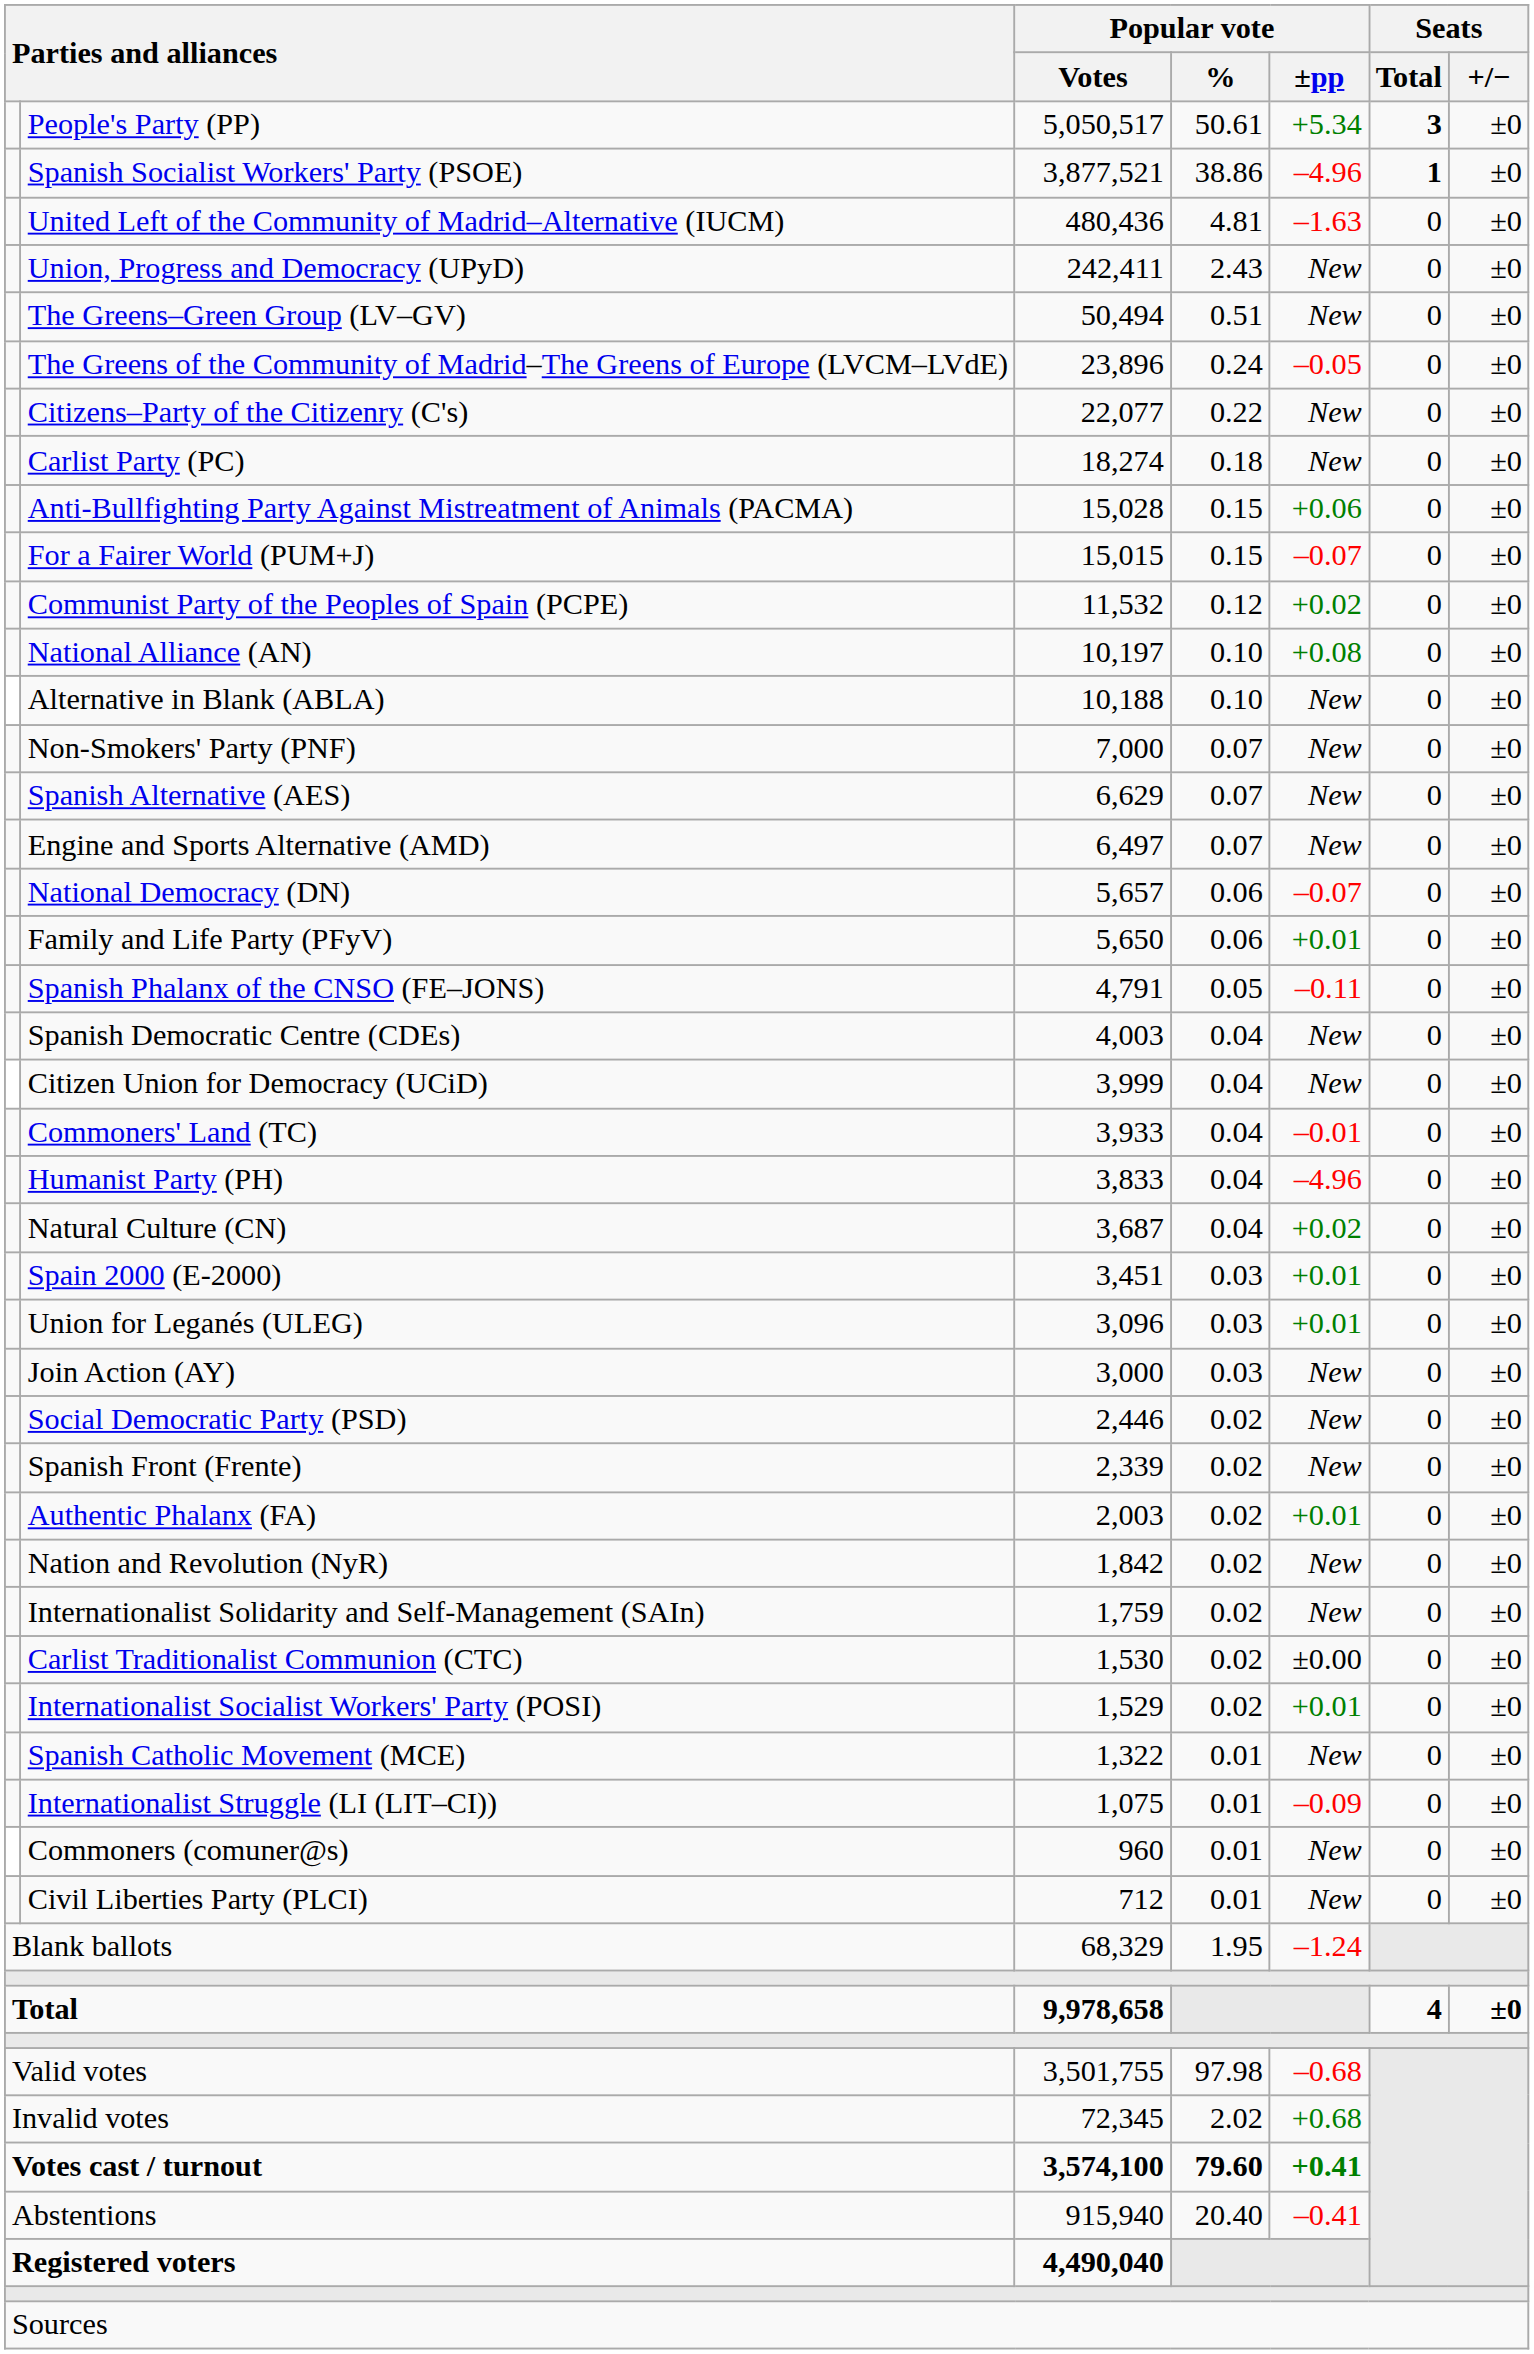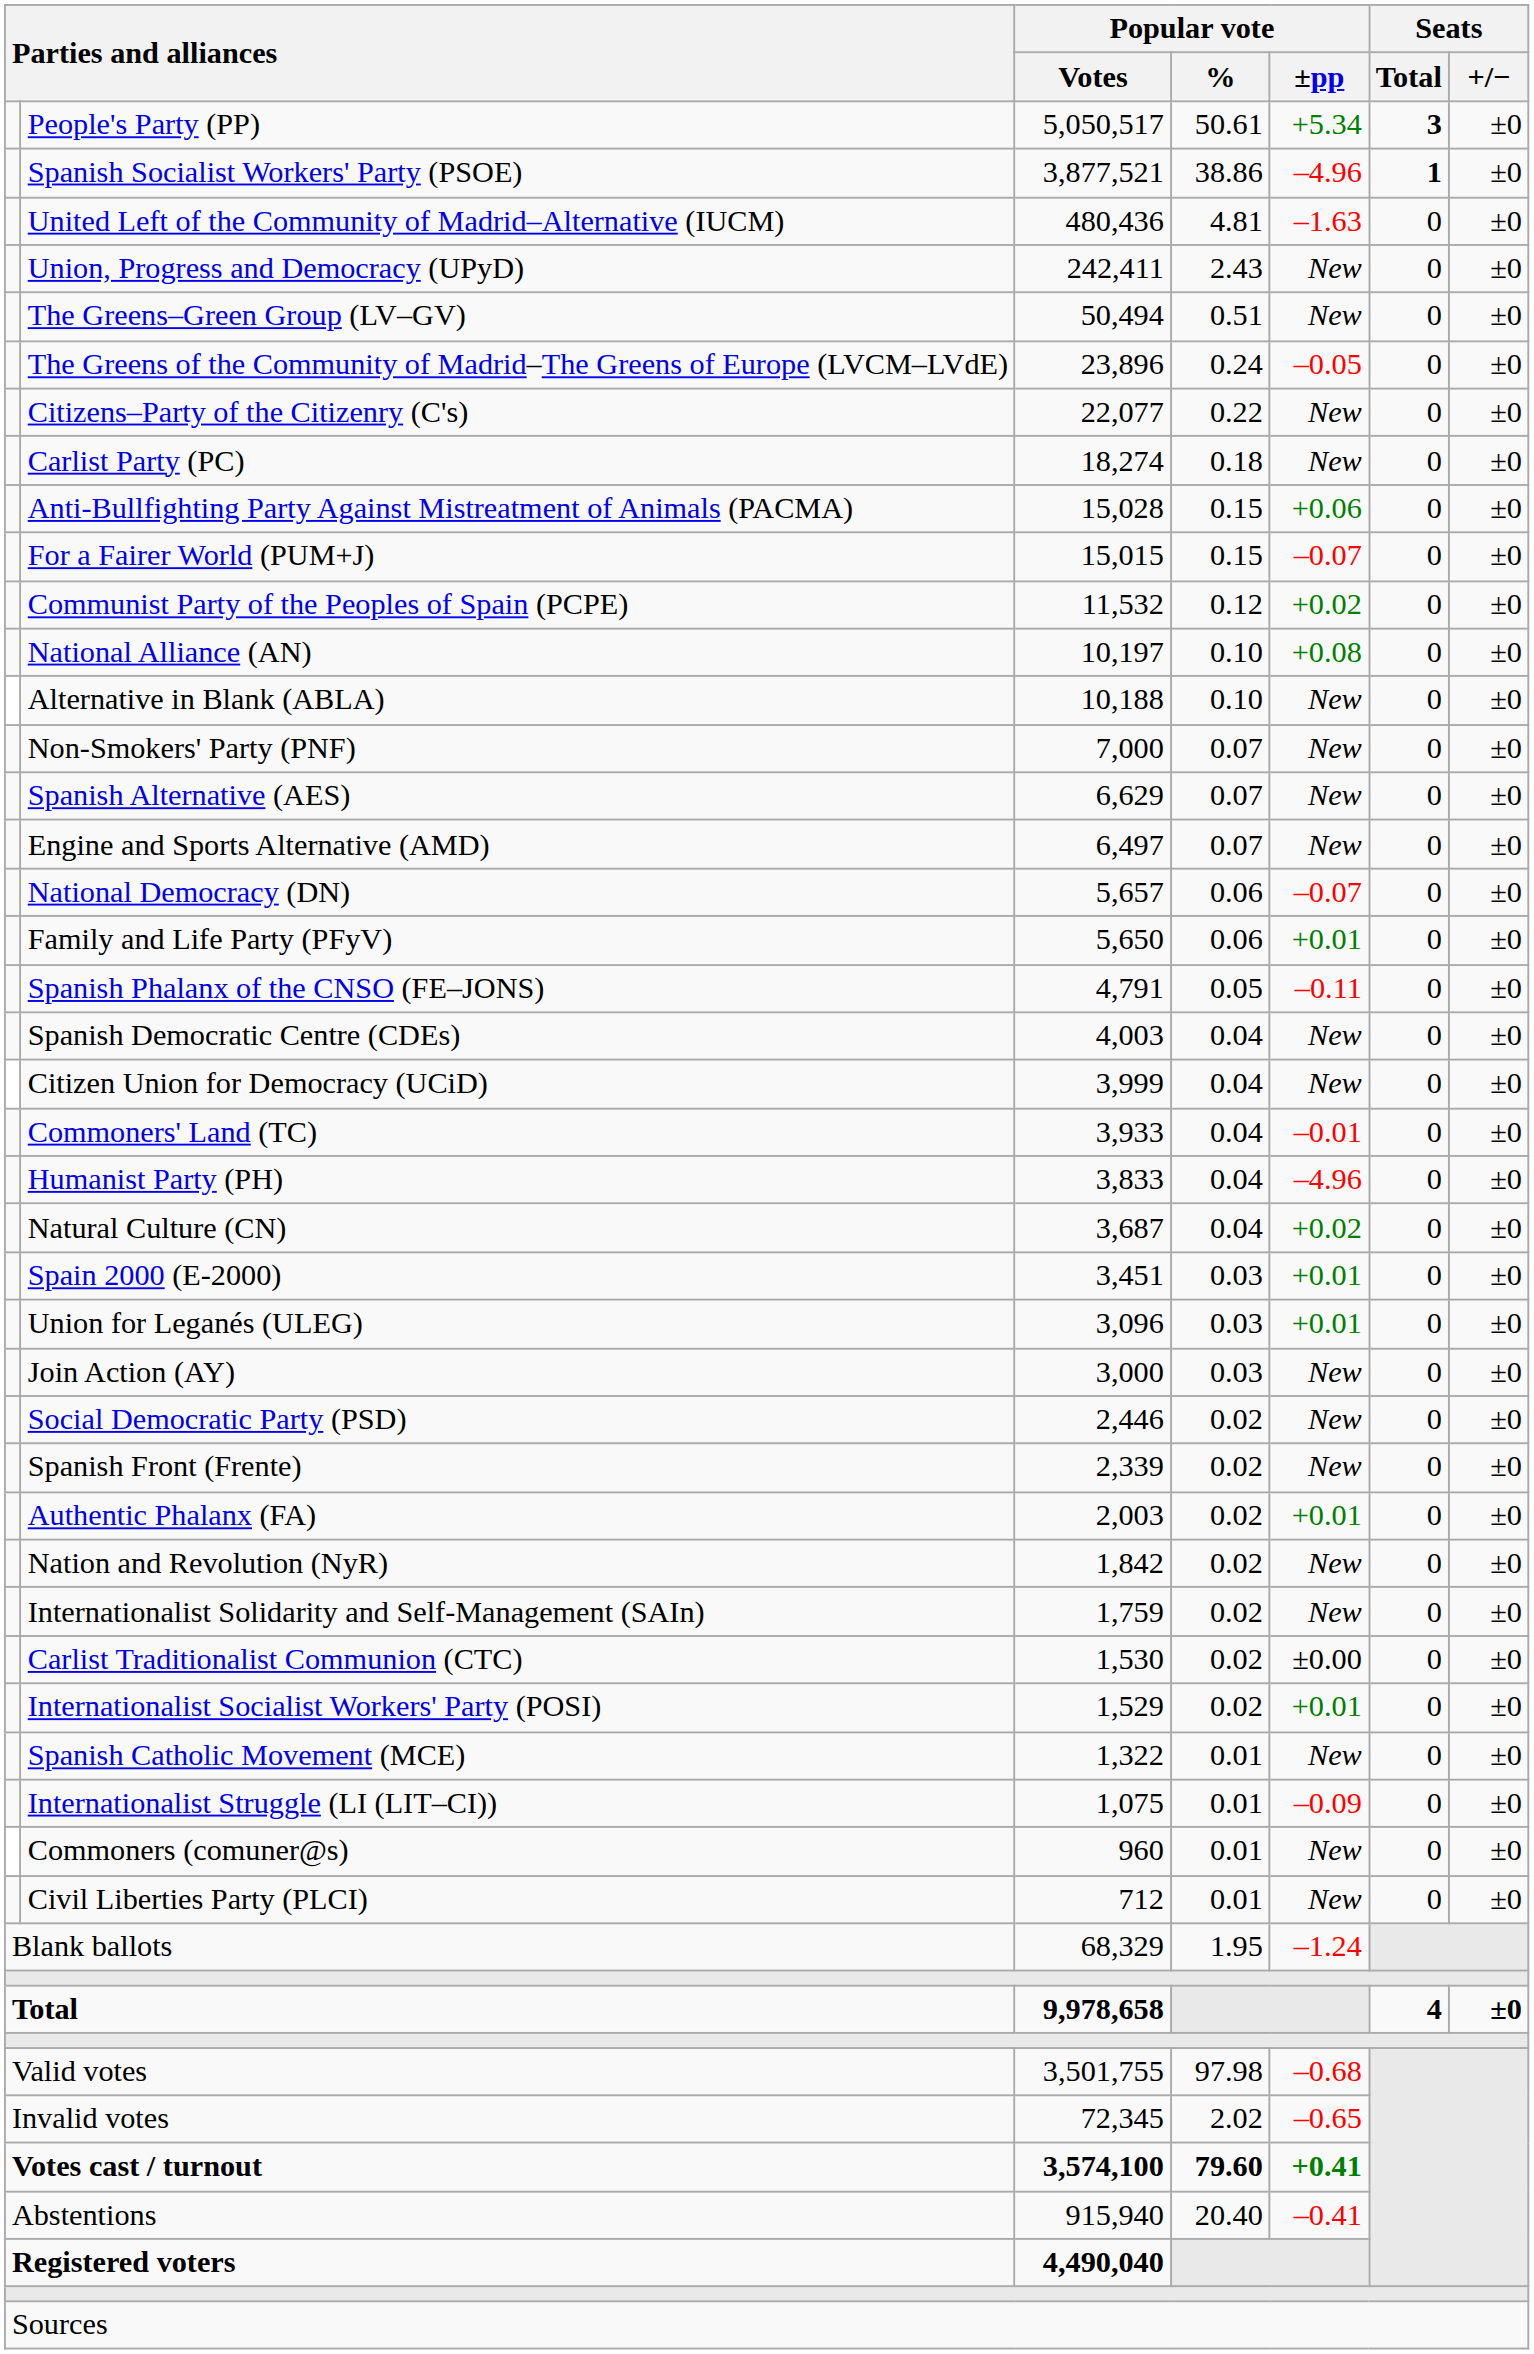 <table class="wikitable" style="text-align:right;">
 <tr>
 <th style="text-align:left;" rowspan="2" colspan="2" width="525">Parties and alliances</th>
 <th colspan="3">Popular vote</th>
 <th colspan="2">Seats</th>
 </tr>
 <tr>
 <th width="75">Votes</th>
 <th width="45">%</th>
 <th width="45">±<a href='#'>pp</a></th>
 <th width="35">Total</th>
 <th width="35">+/−</th>
 </tr>
 <tr>
 <td width="1" style="color:inherit;background:"></td>
 <td align="left"><a href='#'>People's Party</a> (PP)</td>
 <td>5,050,517</td>
 <td>50.61</td>
 <td style="color:green;">+5.34</td>
 <td><strong>3</strong></td>
 <td>±0</td>
 </tr>
 <tr>
 <td style="color:inherit;background:"></td>
 <td align="left"><a href='#'>Spanish Socialist Workers' Party</a> (PSOE)</td>
 <td>3,877,521</td>
 <td>38.86</td>
 <td style="color:red;">–4.96</td>
 <td><strong>1</strong></td>
 <td>±0</td>
 </tr>
 <tr>
 <td style="color:inherit;background:"></td>
 <td align="left"><a href='#'>United Left of the Community of Madrid–Alternative</a> (IUCM)</td>
 <td>480,436</td>
 <td>4.81</td>
 <td style="color:red;">–1.63</td>
 <td>0</td>
 <td>±0</td>
 </tr>
 <tr>
 <td style="color:inherit;background:"></td>
 <td align="left"><a href='#'>Union, Progress and Democracy</a> (UPyD)</td>
 <td>242,411</td>
 <td>2.43</td>
 <td><em>New</em></td>
 <td>0</td>
 <td>±0</td>
 </tr>
 <tr>
 <td style="color:inherit;background:"></td>
 <td align="left"><a href='#'>The Greens–Green Group</a> (LV–GV)</td>
 <td>50,494</td>
 <td>0.51</td>
 <td><em>New</em></td>
 <td>0</td>
 <td>±0</td>
 </tr>
 <tr>
 <td style="color:inherit;background:"></td>
 <td align="left"><a href='#'>The Greens of the Community of Madrid</a>–<a href='#'>The Greens of Europe</a> (LVCM–LVdE)</td>
 <td>23,896</td>
 <td>0.24</td>
 <td style="color:red;">–0.05</td>
 <td>0</td>
 <td>±0</td>
 </tr>
 <tr>
 <td style="color:inherit;background:"></td>
 <td align="left"><a href='#'>Citizens–Party of the Citizenry</a> (C's)</td>
 <td>22,077</td>
 <td>0.22</td>
 <td><em>New</em></td>
 <td>0</td>
 <td>±0</td>
 </tr>
 <tr>
 <td style="color:inherit;background:"></td>
 <td align="left"><a href='#'>Carlist Party</a> (PC)</td>
 <td>18,274</td>
 <td>0.18</td>
 <td><em>New</em></td>
 <td>0</td>
 <td>±0</td>
 </tr>
 <tr>
 <td style="color:inherit;background:"></td>
 <td align="left"><a href='#'>Anti-Bullfighting Party Against Mistreatment of Animals</a> (PACMA)</td>
 <td>15,028</td>
 <td>0.15</td>
 <td style="color:green;">+0.06</td>
 <td>0</td>
 <td>±0</td>
 </tr>
 <tr>
 <td style="color:inherit;background:"></td>
 <td align="left"><a href='#'>For a Fairer World</a> (PUM+J)</td>
 <td>15,015</td>
 <td>0.15</td>
 <td style="color:red;">–0.07</td>
 <td>0</td>
 <td>±0</td>
 </tr>
 <tr>
 <td style="color:inherit;background:"></td>
 <td align="left"><a href='#'>Communist Party of the Peoples of Spain</a> (PCPE)</td>
 <td>11,532</td>
 <td>0.12</td>
 <td style="color:green;">+0.02</td>
 <td>0</td>
 <td>±0</td>
 </tr>
 <tr>
 <td style="color:inherit;background:"></td>
 <td align="left"><a href='#'>National Alliance</a> (AN)</td>
 <td>10,197</td>
 <td>0.10</td>
 <td style="color:green;">+0.08</td>
 <td>0</td>
 <td>±0</td>
 </tr>
 <tr>
 <td bgcolor="white"></td>
 <td align="left">Alternative in Blank (ABLA)</td>
 <td>10,188</td>
 <td>0.10</td>
 <td><em>New</em></td>
 <td>0</td>
 <td>±0</td>
 </tr>
 <tr>
 <td style="color:inherit;background:"></td>
 <td align="left">Non-Smokers' Party (PNF)</td>
 <td>7,000</td>
 <td>0.07</td>
 <td><em>New</em></td>
 <td>0</td>
 <td>±0</td>
 </tr>
 <tr>
 <td style="color:inherit;background:"></td>
 <td align="left"><a href='#'>Spanish Alternative</a> (AES)</td>
 <td>6,629</td>
 <td>0.07</td>
 <td><em>New</em></td>
 <td>0</td>
 <td>±0</td>
 </tr>
 <tr>
 <td style="color:inherit;background:"></td>
 <td align="left">Engine and Sports Alternative (AMD)</td>
 <td>6,497</td>
 <td>0.07</td>
 <td><em>New</em></td>
 <td>0</td>
 <td>±0</td>
 </tr>
 <tr>
 <td style="color:inherit;background:"></td>
 <td align="left"><a href='#'>National Democracy</a> (DN)</td>
 <td>5,657</td>
 <td>0.06</td>
 <td style="color:red;">–0.07</td>
 <td>0</td>
 <td>±0</td>
 </tr>
 <tr>
 <td style="color:inherit;background:"></td>
 <td align="left">Family and Life Party (PFyV)</td>
 <td>5,650</td>
 <td>0.06</td>
 <td style="color:green;">+0.01</td>
 <td>0</td>
 <td>±0</td>
 </tr>
 <tr>
 <td style="color:inherit;background:"></td>
 <td align="left"><a href='#'>Spanish Phalanx of the CNSO</a> (FE–JONS)</td>
 <td>4,791</td>
 <td>0.05</td>
 <td style="color:red;">–0.11</td>
 <td>0</td>
 <td>±0</td>
 </tr>
 <tr>
 <td style="color:inherit;background:"></td>
 <td align="left">Spanish Democratic Centre (CDEs)</td>
 <td>4,003</td>
 <td>0.04</td>
 <td><em>New</em></td>
 <td>0</td>
 <td>±0</td>
 </tr>
 <tr>
 <td bgcolor="white"></td>
 <td align="left">Citizen Union for Democracy (UCiD)</td>
 <td>3,999</td>
 <td>0.04</td>
 <td><em>New</em></td>
 <td>0</td>
 <td>±0</td>
 </tr>
 <tr>
 <td style="color:inherit;background:"></td>
 <td align="left"><a href='#'>Commoners' Land</a> (TC)</td>
 <td>3,933</td>
 <td>0.04</td>
 <td style="color:red;">–0.01</td>
 <td>0</td>
 <td>±0</td>
 </tr>
 <tr>
 <td style="color:inherit;background:"></td>
 <td align="left"><a href='#'>Humanist Party</a> (PH)</td>
 <td>3,833</td>
 <td>0.04</td>
 <td style="color:red;">–4.96</td>
 <td>0</td>
 <td>±0</td>
 </tr>
 <tr>
 <td style="color:inherit;background:"></td>
 <td align="left">Natural Culture (CN)</td>
 <td>3,687</td>
 <td>0.04</td>
 <td style="color:green;">+0.02</td>
 <td>0</td>
 <td>±0</td>
 </tr>
 <tr>
 <td style="color:inherit;background:"></td>
 <td align="left"><a href='#'>Spain 2000</a> (E-2000)</td>
 <td>3,451</td>
 <td>0.03</td>
 <td style="color:green;">+0.01</td>
 <td>0</td>
 <td>±0</td>
 </tr>
 <tr>
 <td style="color:inherit;background:"></td>
 <td align="left">Union for Leganés (ULEG)</td>
 <td>3,096</td>
 <td>0.03</td>
 <td style="color:green;">+0.01</td>
 <td>0</td>
 <td>±0</td>
 </tr>
 <tr>
 <td style="color:inherit;background:"></td>
 <td align="left">Join Action (AY)</td>
 <td>3,000</td>
 <td>0.03</td>
 <td><em>New</em></td>
 <td>0</td>
 <td>±0</td>
 </tr>
 <tr>
 <td style="color:inherit;background:"></td>
 <td align="left"><a href='#'>Social Democratic Party</a> (PSD)</td>
 <td>2,446</td>
 <td>0.02</td>
 <td><em>New</em></td>
 <td>0</td>
 <td>±0</td>
 </tr>
 <tr>
 <td style="color:inherit;background:"></td>
 <td align="left">Spanish Front (Frente)</td>
 <td>2,339</td>
 <td>0.02</td>
 <td><em>New</em></td>
 <td>0</td>
 <td>±0</td>
 </tr>
 <tr>
 <td style="color:inherit;background:"></td>
 <td align="left"><a href='#'>Authentic Phalanx</a> (FA)</td>
 <td>2,003</td>
 <td>0.02</td>
 <td style="color:green;">+0.01</td>
 <td>0</td>
 <td>±0</td>
 </tr>
 <tr>
 <td style="color:inherit;background:"></td>
 <td align="left">Nation and Revolution (NyR)</td>
 <td>1,842</td>
 <td>0.02</td>
 <td><em>New</em></td>
 <td>0</td>
 <td>±0</td>
 </tr>
 <tr>
 <td style="color:inherit;background:"></td>
 <td align="left">Internationalist Solidarity and Self-Management (SAIn)</td>
 <td>1,759</td>
 <td>0.02</td>
 <td><em>New</em></td>
 <td>0</td>
 <td>±0</td>
 </tr>
 <tr>
 <td style="color:inherit;background:"></td>
 <td align="left"><a href='#'>Carlist Traditionalist Communion</a> (CTC)</td>
 <td>1,530</td>
 <td>0.02</td>
 <td>±0.00</td>
 <td>0</td>
 <td>±0</td>
 </tr>
 <tr>
 <td style="color:inherit;background:"></td>
 <td align="left"><a href='#'>Internationalist Socialist Workers' Party</a> (POSI)</td>
 <td>1,529</td>
 <td>0.02</td>
 <td style="color:green;">+0.01</td>
 <td>0</td>
 <td>±0</td>
 </tr>
 <tr>
 <td style="color:inherit;background:"></td>
 <td align="left"><a href='#'>Spanish Catholic Movement</a> (MCE)</td>
 <td>1,322</td>
 <td>0.01</td>
 <td><em>New</em></td>
 <td>0</td>
 <td>±0</td>
 </tr>
 <tr>
 <td style="color:inherit;background:"></td>
 <td align="left"><a href='#'>Internationalist Struggle</a> (LI (LIT–CI))</td>
 <td>1,075</td>
 <td>0.01</td>
 <td style="color:red;">–0.09</td>
 <td>0</td>
 <td>±0</td>
 </tr>
 <tr>
 <td bgcolor="white"></td>
 <td align="left">Commoners (comuner@s)</td>
 <td>960</td>
 <td>0.01</td>
 <td><em>New</em></td>
 <td>0</td>
 <td>±0</td>
 </tr>
 <tr>
 <td style="color:inherit;background:"></td>
 <td align="left">Civil Liberties Party (PLCI)</td>
 <td>712</td>
 <td>0.01</td>
 <td><em>New</em></td>
 <td>0</td>
 <td>±0</td>
 </tr>
 <tr>
 <td align="left" colspan="2">Blank ballots</td>
 <td>68,329</td>
 <td>1.95</td>
 <td style="color:red;">–1.24</td>
 <td bgcolor="#E9E9E9" colspan="2"></td>
 </tr>
 <tr>
 <td colspan="7" bgcolor="#E9E9E9"></td>
 </tr>
 <tr style="font-weight:bold;">
 <td align="left" colspan="2">Total</td>
 <td>9,978,658</td>
 <td bgcolor="#E9E9E9" colspan="2"></td>
 <td>4</td>
 <td>±0</td>
 </tr>
 <tr>
 <td colspan="7" bgcolor="#E9E9E9"></td>
 </tr>
 <tr>
 <td align="left" colspan="2">Valid votes</td>
 <td>3,501,755</td>
 <td>97.98</td>
 <td style="color:red;">–0.68</td>
 <td bgcolor="#E9E9E9" colspan="2" rowspan="5"></td>
 </tr>
 <tr>
 <td align="left" colspan="2">Invalid votes</td>
 <td>72,345</td>
 <td>2.02</td>
-<td style="color:green;">+0.68</td>
+<td style="color:red;">–0.65</td>
 </tr>
 <tr style="font-weight:bold;">
 <td align="left" colspan="2">Votes cast / turnout</td>
 <td>3,574,100</td>
 <td>79.60</td>
 <td style="color:green;">+0.41</td>
 </tr>
 <tr>
 <td align="left" colspan="2">Abstentions</td>
 <td>915,940</td>
 <td>20.40</td>
 <td style="color:red;">–0.41</td>
 </tr>
 <tr style="font-weight:bold;">
 <td align="left" colspan="2">Registered voters</td>
 <td>4,490,040</td>
 <td bgcolor="#E9E9E9" colspan="2"></td>
 </tr>
 <tr>
 <td colspan="7" bgcolor="#E9E9E9"></td>
 </tr>
 <tr>
 <td align="left" colspan="7">Sources</td>
 </tr>
 </table>
